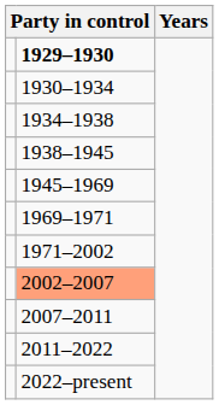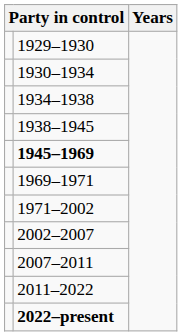 <table class=wikitable>
 <tr>
 <th colspan=2>Party in control</th>
 <th>Years</th>
 </tr>
 <tr>
 <td></td>
-<td><strong>1929–1930</strong></td>
+<td>1929–1930</td>
 </tr>
 <tr>
 <td></td>
 <td>1930–1934</td>
 </tr>
 <tr>
 <td></td>
 <td>1934–1938</td>
 </tr>
 <tr>
 <td></td>
 <td>1938–1945</td>
 </tr>
 <tr>
 <td></td>
-<td>1945–1969</td>
+<td><strong>1945–1969</strong></td>
 </tr>
 <tr>
 <td></td>
 <td>1969–1971</td>
 </tr>
 <tr>
 <td></td>
 <td>1971–2002</td>
 </tr>
 <tr>
 <td></td>
-<td style="background: lightsalmon;">2002–2007</td>
+<td>2002–2007</td>
 </tr>
 <tr>
 <td></td>
 <td>2007–2011</td>
 </tr>
 <tr>
 <td></td>
 <td>2011–2022</td>
 </tr>
 <tr>
 <td></td>
-<td>2022–present</td>
+<td><strong>2022–present</strong></td>
 </tr>
 </table>
